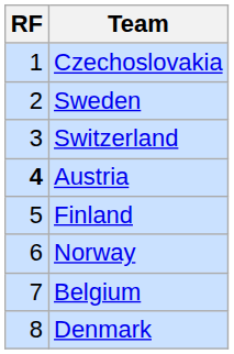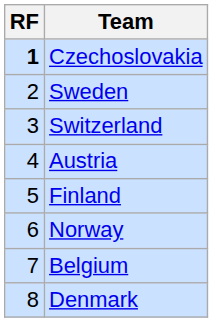 <table class="wikitable">
 <tr>
 <th>RF</th>
 <th>Team</th>
 </tr>
 <tr bgcolor="#CAE1FF" align="right">
-<td>1</td>
+<td><strong>1</strong></td>
 <td align="left"> <a href='#'>Czechoslovakia</a></td>
 </tr>
 <tr bgcolor="#CAE1FF" align="right">
 <td>2</td>
 <td align="left"> <a href='#'>Sweden</a></td>
 </tr>
 <tr bgcolor="#CAE1FF" align="right">
 <td>3</td>
 <td align="left"> <a href='#'>Switzerland</a></td>
 </tr>
 <tr bgcolor="#CAE1FF" align="right">
-<td><strong>4</strong></td>
+<td>4</td>
 <td align="left"> <a href='#'>Austria</a></td>
 </tr>
 <tr bgcolor="#CAE1FF" align="right">
 <td>5</td>
 <td align="left"> <a href='#'>Finland</a></td>
 </tr>
 <tr bgcolor="#CAE1FF" align="right">
 <td>6</td>
 <td align="left"> <a href='#'>Norway</a></td>
 </tr>
 <tr bgcolor="#CAE1FF" align="right">
 <td>7</td>
 <td align="left"> <a href='#'>Belgium</a></td>
 </tr>
 <tr bgcolor="#CAE1FF" align="right">
 <td>8</td>
 <td align="left"> <a href='#'>Denmark</a></td>
 </tr>
 </table>
